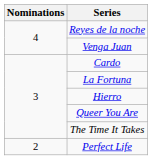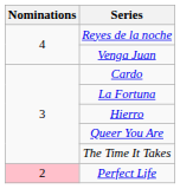 <table class="wikitable plainrowheaders" style="text-align:center;">
 <tr>
 <th scope="col" style="width:55px;">Nominations</th>
 <th scope="col" style="text-align:center;">Series</th>
 </tr>
 <tr>
 <td rowspan="2" style="text-align:center">4</td>
 <td><em><a href='#'>Reyes de la noche</a></em></td>
 </tr>
 <tr>
 <td><em><a href='#'>Venga Juan</a></em></td>
 </tr>
 <tr>
 <td rowspan="5" style="text-align:center">3</td>
 <td><em><a href='#'>Cardo</a></em></td>
 </tr>
 <tr>
 <td><em><a href='#'>La Fortuna</a></em></td>
 </tr>
 <tr>
 <td><em><a href='#'>Hierro</a></em></td>
 </tr>
 <tr>
 <td><em><a href='#'>Queer You Are</a></em></td>
 </tr>
 <tr>
 <td><em>The Time It Takes</em></td>
 </tr>
 <tr>
-<td rowspan="1" style="text-align:center">2</td>
+<td rowspan="1" style="background: pink; text-align:center">2</td>
 <td><em><a href='#'>Perfect Life</a></em></td>
 </tr>
 </table>
